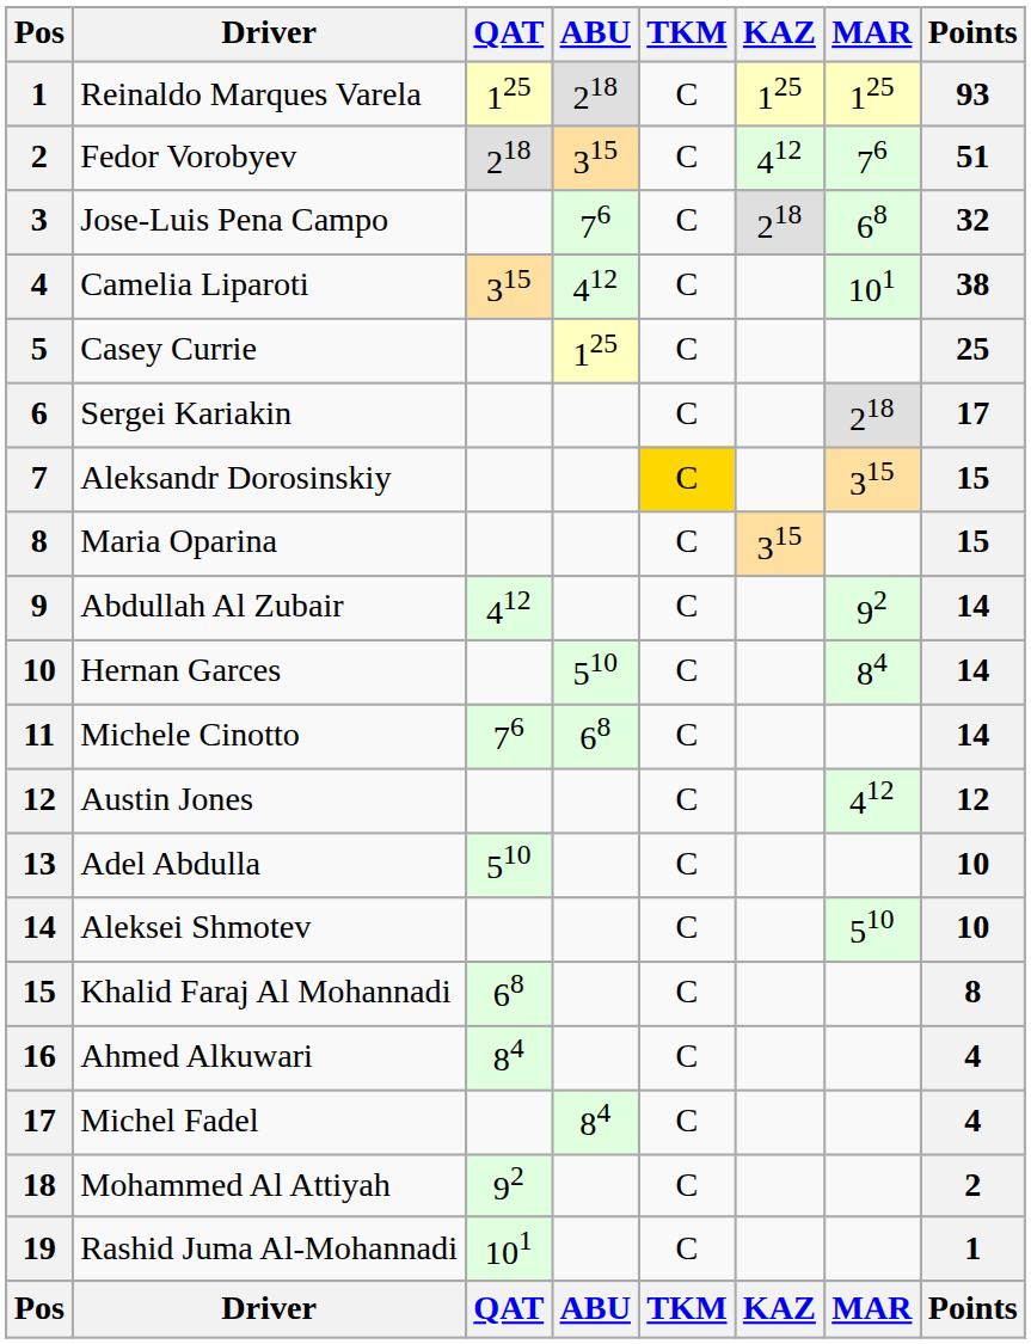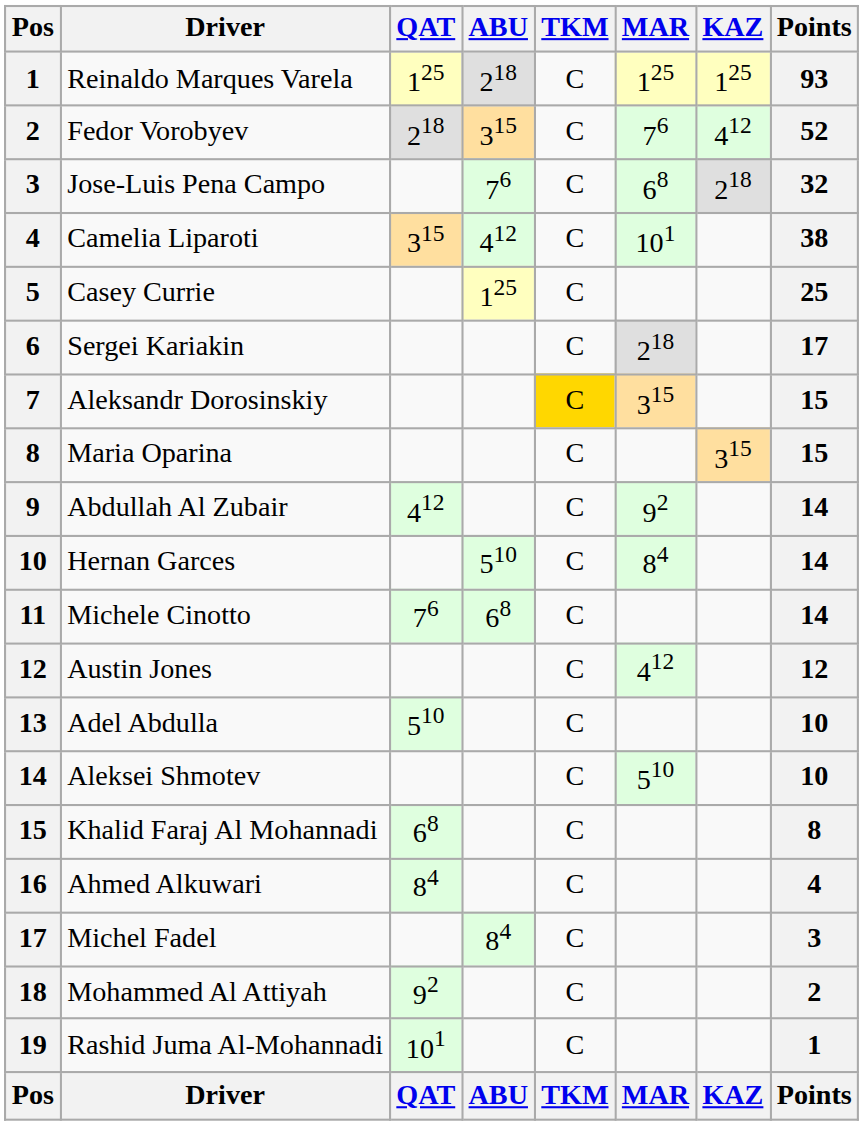 <table class="wikitable" style="font-size: 85%; text-align: center; display: inline-table;">
 <tr valign="top">
 <th valign="middle">Pos</th>
 <th valign="middle">Driver</th>
 <th><a href='#'>QAT</a><br></th>
 <th><a href='#'>ABU</a><br></th>
 <th><a href='#'>TKM</a><br></th>
+<th><a href='#'>MAR</a><br></th>
 <th><a href='#'>KAZ</a><br></th>
-<th><a href='#'>MAR</a><br></th>
 <th valign="middle">Points</th>
 </tr>
 <tr>
 <th>1</th>
 <td align=left> Reinaldo Marques Varela</td>
 <td style="background:#ffffbf;">1<sup>25</sup></td>
 <td style="background:#dfdfdf;">2<sup>18</sup></td>
 <td>C</td>
 <td style="background:#ffffbf;">1<sup>25</sup></td>
 <td style="background:#ffffbf;">1<sup>25</sup></td>
 <th>93</th>
 </tr>
 <tr>
 <th>2</th>
 <td align=left> Fedor Vorobyev</td>
 <td style="background:#dfdfdf;">2<sup>18</sup></td>
 <td style="background:#ffdf9f;">3<sup>15</sup></td>
 <td>C</td>
+<td style="background:#dfffdf;">7<sup>6</sup></td>
 <td style="background:#dfffdf;">4<sup>12</sup></td>
-<td style="background:#dfffdf;">7<sup>6</sup></td>
-<th>51</th>
+<th>52</th>
 </tr>
 <tr>
 <th>3</th>
 <td align=left> Jose-Luis Pena Campo</td>
 <td></td>
 <td style="background:#dfffdf;">7<sup>6</sup></td>
 <td>C</td>
+<td style="background:#dfffdf;">6<sup>8</sup></td>
 <td style="background:#dfdfdf;">2<sup>18</sup></td>
-<td style="background:#dfffdf;">6<sup>8</sup></td>
 <th>32</th>
 </tr>
 <tr>
 <th>4</th>
 <td align=left> Camelia Liparoti</td>
 <td style="background:#ffdf9f;">3<sup>15</sup></td>
 <td style="background:#dfffdf;">4<sup>12</sup></td>
 <td>C</td>
+<td style="background:#dfffdf;">10<sup>1</sup></td>
 <td></td>
-<td style="background:#dfffdf;">10<sup>1</sup></td>
 <th>38</th>
 </tr>
 <tr>
 <th>5</th>
 <td align=left> Casey Currie</td>
 <td></td>
 <td style="background:#ffffbf;">1<sup>25</sup></td>
 <td>C</td>
 <td></td>
 <td></td>
 <th>25</th>
 </tr>
 <tr>
 <th>6</th>
 <td align=left> Sergei Kariakin</td>
 <td></td>
 <td></td>
 <td>C</td>
+<td style="background:#dfdfdf;">2<sup>18</sup></td>
 <td></td>
-<td style="background:#dfdfdf;">2<sup>18</sup></td>
 <th>17</th>
 </tr>
 <tr>
 <th>7</th>
 <td align=left> Aleksandr Dorosinskiy</td>
 <td></td>
 <td></td>
 <td style="background: gold;">C</td>
+<td style="background:#ffdf9f;">3<sup>15</sup></td>
 <td></td>
-<td style="background:#ffdf9f;">3<sup>15</sup></td>
 <th>15</th>
 </tr>
 <tr>
 <th>8</th>
 <td align=left> Maria Oparina</td>
 <td></td>
 <td></td>
 <td>C</td>
+<td></td>
 <td style="background:#ffdf9f;">3<sup>15</sup></td>
-<td></td>
 <th>15</th>
 </tr>
 <tr>
 <th>9</th>
 <td align=left> Abdullah Al Zubair</td>
 <td style="background:#dfffdf;">4<sup>12</sup></td>
 <td></td>
 <td>C</td>
+<td style="background:#dfffdf;">9<sup>2</sup></td>
 <td></td>
-<td style="background:#dfffdf;">9<sup>2</sup></td>
 <th>14</th>
 </tr>
 <tr>
 <th>10</th>
 <td align=left> Hernan Garces</td>
 <td></td>
 <td style="background:#dfffdf;">5<sup>10</sup></td>
 <td>C</td>
+<td style="background:#dfffdf;">8<sup>4</sup></td>
 <td></td>
-<td style="background:#dfffdf;">8<sup>4</sup></td>
 <th>14</th>
 </tr>
 <tr>
 <th>11</th>
 <td align=left> Michele Cinotto</td>
 <td style="background:#dfffdf;">7<sup>6</sup></td>
 <td style="background:#dfffdf;">6<sup>8</sup></td>
 <td>C</td>
 <td></td>
 <td></td>
 <th>14</th>
 </tr>
 <tr>
 <th>12</th>
 <td align=left> Austin Jones</td>
 <td></td>
 <td></td>
 <td>C</td>
+<td style="background:#dfffdf;">4<sup>12</sup></td>
 <td></td>
-<td style="background:#dfffdf;">4<sup>12</sup></td>
 <th>12</th>
 </tr>
 <tr>
 <th>13</th>
 <td align=left> Adel Abdulla</td>
 <td style="background:#dfffdf;">5<sup>10</sup></td>
 <td></td>
 <td>C</td>
 <td></td>
 <td></td>
 <th>10</th>
 </tr>
 <tr>
 <th>14</th>
 <td align=left> Aleksei Shmotev</td>
 <td></td>
 <td></td>
 <td>C</td>
+<td style="background:#dfffdf;">5<sup>10</sup></td>
 <td></td>
-<td style="background:#dfffdf;">5<sup>10</sup></td>
 <th>10</th>
 </tr>
 <tr>
 <th>15</th>
 <td align=left> Khalid Faraj Al Mohannadi</td>
 <td style="background:#dfffdf;">6<sup>8</sup></td>
 <td></td>
 <td>C</td>
 <td></td>
 <td></td>
 <th>8</th>
 </tr>
 <tr>
 <th>16</th>
 <td align=left> Ahmed Alkuwari</td>
 <td style="background:#dfffdf;">8<sup>4</sup></td>
 <td></td>
 <td>C</td>
 <td></td>
 <td></td>
 <th>4</th>
 </tr>
 <tr>
 <th>17</th>
 <td align=left> Michel Fadel</td>
 <td></td>
 <td style="background:#dfffdf;">8<sup>4</sup></td>
 <td>C</td>
 <td></td>
 <td></td>
-<th>4</th>
+<th>3</th>
 </tr>
 <tr>
 <th>18</th>
 <td align=left> Mohammed Al Attiyah</td>
 <td style="background:#dfffdf;">9<sup>2</sup></td>
 <td></td>
 <td>C</td>
 <td></td>
 <td></td>
 <th>2</th>
 </tr>
 <tr>
 <th>19</th>
 <td align=left> Rashid Juma Al-Mohannadi</td>
 <td style="background:#dfffdf;">10<sup>1</sup></td>
 <td></td>
 <td>C</td>
 <td></td>
 <td></td>
 <th>1</th>
 </tr>
 <tr valign="top">
 <th valign="middle">Pos</th>
 <th valign="middle">Driver</th>
 <th><a href='#'>QAT</a><br></th>
 <th><a href='#'>ABU</a><br></th>
 <th><a href='#'>TKM</a><br></th>
+<th><a href='#'>MAR</a><br></th>
 <th><a href='#'>KAZ</a><br></th>
-<th><a href='#'>MAR</a><br></th>
 <th valign="middle">Points</th>
 </tr>
 </table>
